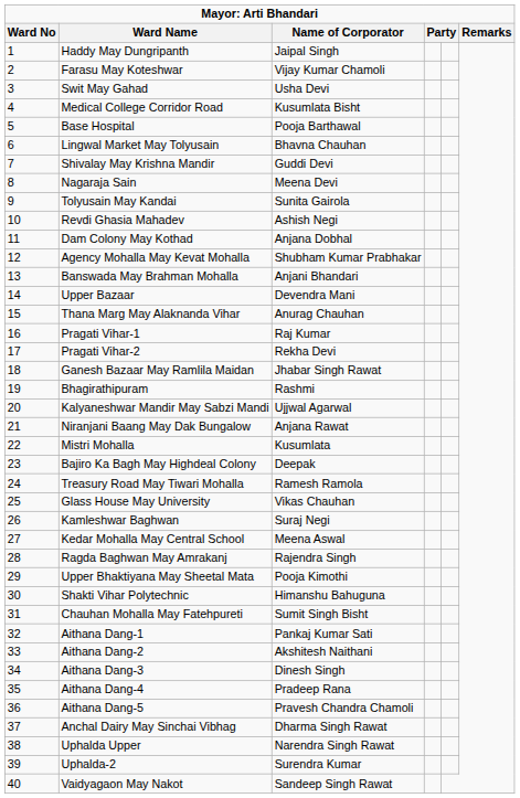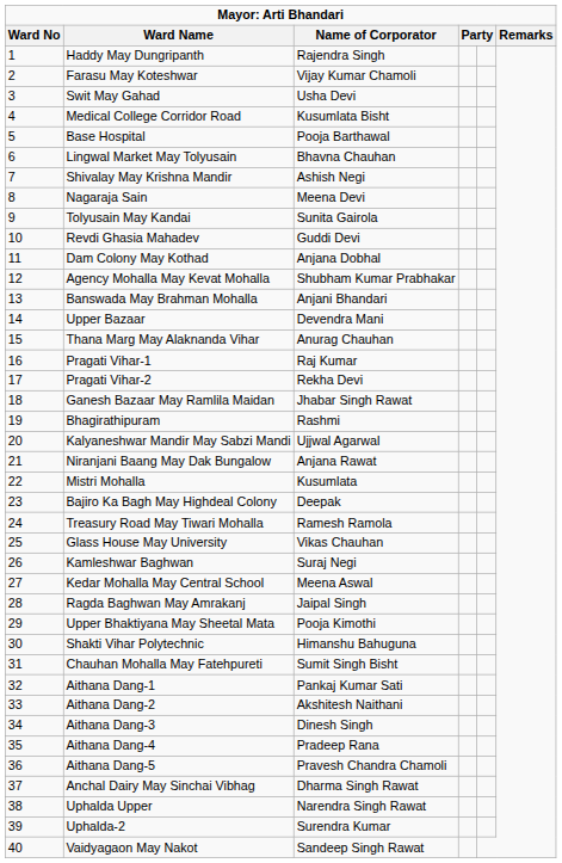 <table class="wikitable">
 <tr>
 <td colspan=6 align=center><span><strong>Mayor: Arti Bhandari</strong></span></td>
 </tr>
 <tr>
 <th>Ward No</th>
 <th>Ward Name</th>
 <th>Name of Corporator</th>
 <th colspan="2">Party</th>
 <th>Remarks</th>
 </tr>
 <tr>
 <td>1</td>
 <td>Haddy May Dungripanth</td>
-<td>Jaipal Singh</td>
+<td>Rajendra Singh</td>
 <td></td>
 <td></td>
 </tr>
 <tr>
 <td>2</td>
 <td>Farasu May Koteshwar</td>
 <td>Vijay Kumar Chamoli</td>
 <td></td>
 <td></td>
 </tr>
 <tr>
 <td>3</td>
 <td>Swit May Gahad</td>
 <td>Usha Devi</td>
 <td></td>
 <td></td>
 </tr>
 <tr>
 <td>4</td>
 <td>Medical College Corridor Road</td>
 <td>Kusumlata Bisht</td>
 <td></td>
 <td></td>
 </tr>
 <tr>
 <td>5</td>
 <td>Base Hospital</td>
 <td>Pooja Barthawal</td>
 <td></td>
 <td></td>
 </tr>
 <tr>
 <td>6</td>
 <td>Lingwal Market May Tolyusain</td>
 <td>Bhavna Chauhan</td>
 <td></td>
 <td></td>
 </tr>
 <tr>
 <td>7</td>
 <td>Shivalay May Krishna Mandir</td>
-<td>Guddi Devi</td>
+<td>Ashish Negi</td>
 <td></td>
 <td></td>
 </tr>
 <tr>
 <td>8</td>
 <td>Nagaraja Sain</td>
 <td>Meena Devi</td>
 <td></td>
 <td></td>
 </tr>
 <tr>
 <td>9</td>
 <td>Tolyusain May Kandai</td>
 <td>Sunita Gairola</td>
 <td></td>
 <td></td>
 </tr>
 <tr>
 <td>10</td>
 <td>Revdi Ghasia Mahadev</td>
-<td>Ashish Negi</td>
+<td>Guddi Devi</td>
 <td></td>
 <td></td>
 </tr>
 <tr>
 <td>11</td>
 <td>Dam Colony May Kothad</td>
 <td>Anjana Dobhal</td>
 <td></td>
 <td></td>
 </tr>
 <tr>
 <td>12</td>
 <td>Agency Mohalla May Kevat Mohalla</td>
 <td>Shubham Kumar Prabhakar</td>
 <td></td>
 <td></td>
 </tr>
 <tr>
 <td>13</td>
 <td>Banswada May Brahman Mohalla</td>
 <td>Anjani Bhandari</td>
 <td></td>
 <td></td>
 </tr>
 <tr>
 <td>14</td>
 <td>Upper Bazaar</td>
 <td>Devendra Mani</td>
 <td></td>
 <td></td>
 </tr>
 <tr>
 <td>15</td>
 <td>Thana Marg May Alaknanda Vihar</td>
 <td>Anurag Chauhan</td>
 <td></td>
 <td></td>
 </tr>
 <tr>
 <td>16</td>
 <td>Pragati Vihar-1</td>
 <td>Raj Kumar</td>
 <td></td>
 <td></td>
 </tr>
 <tr>
 <td>17</td>
 <td>Pragati Vihar-2</td>
 <td>Rekha Devi</td>
 <td></td>
 <td></td>
 </tr>
 <tr>
 <td>18</td>
 <td>Ganesh Bazaar May Ramlila Maidan</td>
 <td>Jhabar Singh Rawat</td>
 <td></td>
 <td></td>
 </tr>
 <tr>
 <td>19</td>
 <td>Bhagirathipuram</td>
 <td>Rashmi</td>
 <td></td>
 <td></td>
 </tr>
 <tr>
 <td>20</td>
 <td>Kalyaneshwar Mandir May Sabzi Mandi</td>
 <td>Ujjwal Agarwal</td>
 <td></td>
 <td></td>
 </tr>
 <tr>
 <td>21</td>
 <td>Niranjani Baang May Dak Bungalow</td>
 <td>Anjana Rawat</td>
 <td></td>
 <td></td>
 </tr>
 <tr>
 <td>22</td>
 <td>Mistri Mohalla</td>
 <td>Kusumlata</td>
 <td></td>
 <td></td>
 </tr>
 <tr>
 <td>23</td>
 <td>Bajiro Ka Bagh May Highdeal Colony</td>
 <td>Deepak</td>
 <td></td>
 <td></td>
 </tr>
 <tr>
 <td>24</td>
 <td>Treasury Road May Tiwari Mohalla</td>
 <td>Ramesh Ramola</td>
 <td></td>
 <td></td>
 </tr>
 <tr>
 <td>25</td>
 <td>Glass House May University</td>
 <td>Vikas Chauhan</td>
 <td></td>
 <td></td>
 </tr>
 <tr>
 <td>26</td>
 <td>Kamleshwar Baghwan</td>
 <td>Suraj Negi</td>
 <td></td>
 <td></td>
 </tr>
 <tr>
 <td>27</td>
 <td>Kedar Mohalla May Central School</td>
 <td>Meena Aswal</td>
 <td></td>
 <td></td>
 </tr>
 <tr>
 <td>28</td>
 <td>Ragda Baghwan May Amrakanj</td>
-<td>Rajendra Singh</td>
+<td>Jaipal Singh</td>
 <td></td>
 <td></td>
 </tr>
 <tr>
 <td>29</td>
 <td>Upper Bhaktiyana May Sheetal Mata</td>
 <td>Pooja Kimothi</td>
 <td></td>
 <td></td>
 </tr>
 <tr>
 <td>30</td>
 <td>Shakti Vihar Polytechnic</td>
 <td>Himanshu Bahuguna</td>
 <td></td>
 <td></td>
 </tr>
 <tr>
 <td>31</td>
 <td>Chauhan Mohalla May Fatehpureti</td>
 <td>Sumit Singh Bisht</td>
 <td></td>
 <td></td>
 </tr>
 <tr>
 <td>32</td>
 <td>Aithana Dang-1</td>
 <td>Pankaj Kumar Sati</td>
 <td></td>
 <td></td>
 </tr>
 <tr>
 <td>33</td>
 <td>Aithana Dang-2</td>
 <td>Akshitesh Naithani</td>
 <td></td>
 <td></td>
 </tr>
 <tr>
 <td>34</td>
 <td>Aithana Dang-3</td>
 <td>Dinesh Singh</td>
 <td></td>
 <td></td>
 </tr>
 <tr>
 <td>35</td>
 <td>Aithana Dang-4</td>
 <td>Pradeep Rana</td>
 <td></td>
 <td></td>
 </tr>
 <tr>
 <td>36</td>
 <td>Aithana Dang-5</td>
 <td>Pravesh Chandra Chamoli</td>
 <td></td>
 <td></td>
 </tr>
 <tr>
 <td>37</td>
 <td>Anchal Dairy May Sinchai Vibhag</td>
 <td>Dharma Singh Rawat</td>
 <td></td>
 <td></td>
 </tr>
 <tr>
 <td>38</td>
 <td>Uphalda Upper</td>
 <td>Narendra Singh Rawat</td>
 <td></td>
 <td></td>
 </tr>
 <tr>
 <td>39</td>
 <td>Uphalda-2</td>
 <td>Surendra Kumar</td>
 <td></td>
 <td></td>
 </tr>
 <tr>
 <td>40</td>
 <td>Vaidyagaon May Nakot</td>
 <td>Sandeep Singh Rawat</td>
 <td></td>
 </tr>
 </table>
